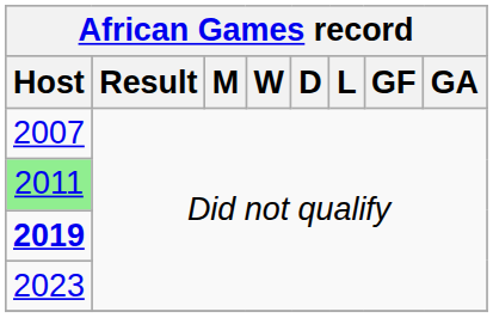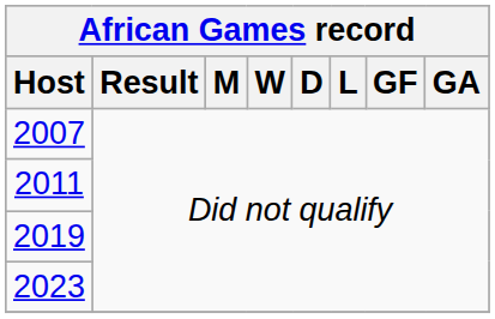 <table class="wikitable" style="text-align: center;">
 <tr>
 <th colspan=10><a href='#'>African Games</a> record</th>
 </tr>
 <tr>
 <th>Host</th>
 <th>Result</th>
 <th>M</th>
 <th>W</th>
 <th>D</th>
 <th>L</th>
 <th>GF</th>
 <th>GA</th>
 </tr>
 <tr>
 <td> <a href='#'>2007</a></td>
 <td rowspan=4 colspan=8><em>Did not qualify</em></td>
 </tr>
 <tr>
-<td style="background: lightgreen;"> <a href='#'>2011</a></td>
+<td> <a href='#'>2011</a></td>
 </tr>
 <tr>
-<td><strong> <a href='#'>2019</a></strong></td>
+<td> <a href='#'>2019</a></td>
 </tr>
 <tr>
 <td> <a href='#'>2023</a></td>
 </tr>
 <tr>
 </tr>
 </table>
